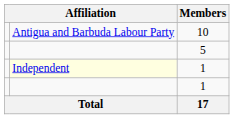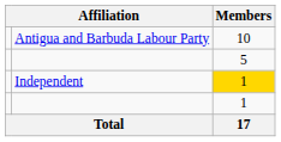 <table class="wikitable">
 <tr valign="bottom">
 <th colspan="2">Affiliation</th>
 <th>Members</th>
 </tr>
 <tr>
 <td></td>
 <td><a href='#'>Antigua and Barbuda Labour Party</a></td>
 <td align="center">10</td>
 </tr>
 <tr>
 <td></td>
 <td></td>
 <td align="center">5</td>
 </tr>
 <tr>
 <td></td>
-<td style="background: lightyellow;"><a href='#'>Independent</a></td>
-<td align="center">1</td>
+<td><a href='#'>Independent</a></td>
+<td align="center" style="background: gold;">1</td>
 </tr>
 <tr>
 <td></td>
 <td></td>
 <td align="center">1</td>
 </tr>
 <tr>
 <th colspan="2" style="text-align:center;">Total</th>
 <th align="center">17</th>
 </tr>
 </table>
